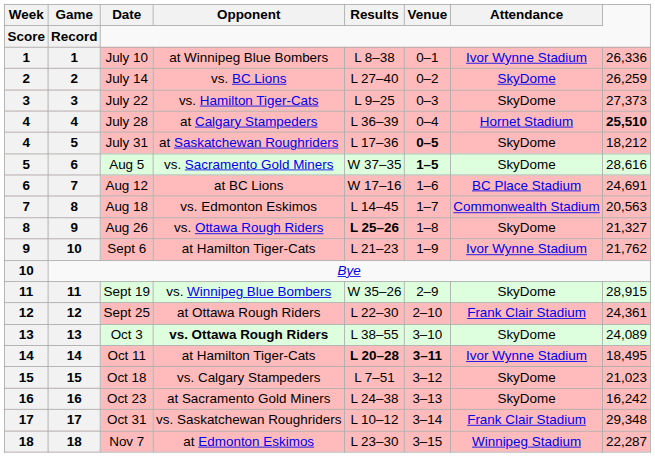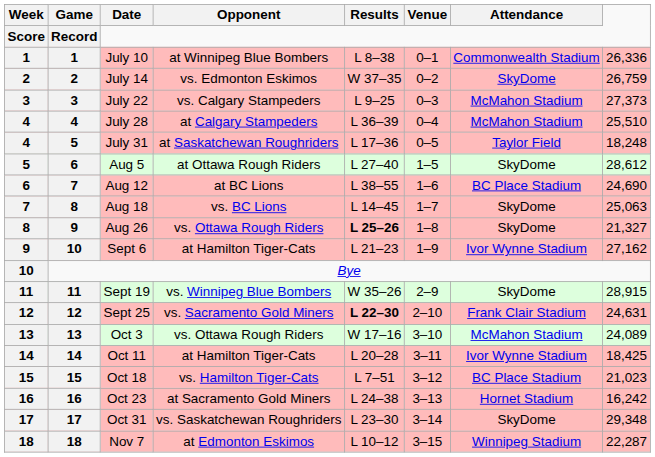 <table class="wikitable" style="text-align:center">
 <tr>
 <th>Week</th>
 <th>Game</th>
 <th>Date</th>
 <th>Opponent</th>
 <th>Results</th>
 <th>Venue</th>
 <th>Attendance</th>
 </tr>
 <tr>
 <th>Score</th>
 <th>Record</th>
 </tr>
 <tr style="background:#ffbbbb">
 <th>1</th>
 <th>1</th>
 <td>July 10</td>
 <td>at Winnipeg Blue Bombers</td>
 <td>L 8–38</td>
 <td>0–1</td>
-<td><a href='#'>Ivor Wynne Stadium</a></td>
+<td><a href='#'>Commonwealth Stadium</a></td>
 <td>26,336</td>
 </tr>
 <tr style="background:#ffbbbb">
 <th>2</th>
 <th>2</th>
 <td>July 14</td>
-<td>vs. <a href='#'>BC Lions</a></td>
-<td>L 27–40</td>
+<td>vs. Edmonton Eskimos</td>
+<td>W 37–35</td>
 <td>0–2</td>
 <td><a href='#'>SkyDome</a></td>
-<td>26,259</td>
+<td>26,759</td>
 </tr>
 <tr style="background:#ffbbbb">
 <th>3</th>
 <th>3</th>
 <td>July 22</td>
-<td>vs. <a href='#'>Hamilton Tiger-Cats</a></td>
+<td>vs. Calgary Stampeders</td>
 <td>L 9–25</td>
 <td>0–3</td>
-<td>SkyDome</td>
+<td><a href='#'>McMahon Stadium</a></td>
 <td>27,373</td>
 </tr>
 <tr style="background:#ffbbbb">
 <th>4</th>
 <th>4</th>
 <td>July 28</td>
 <td>at <a href='#'>Calgary Stampeders</a></td>
 <td>L 36–39</td>
 <td>0–4</td>
-<td><a href='#'>Hornet Stadium</a></td>
-<td><strong>25,510</strong></td>
+<td><a href='#'>McMahon Stadium</a></td>
+<td>25,510</td>
 </tr>
 <tr style="background:#ffbbbb">
 <th>4</th>
 <th>5</th>
 <td>July 31</td>
 <td>at <a href='#'>Saskatchewan Roughriders</a></td>
 <td>L 17–36</td>
-<td><strong>0–5</strong></td>
-<td>SkyDome</td>
-<td>18,212</td>
+<td>0–5</td>
+<td><a href='#'>Taylor Field</a></td>
+<td>18,248</td>
 </tr>
 <tr style="background:#ddffdd">
 <th>5</th>
 <th>6</th>
 <td>Aug 5</td>
-<td>vs. <a href='#'>Sacramento Gold Miners</a></td>
-<td>W 37–35</td>
-<td><strong>1–5</strong></td>
+<td>at Ottawa Rough Riders</td>
+<td>L 27–40</td>
+<td>1–5</td>
 <td>SkyDome</td>
-<td>28,616</td>
+<td>28,612</td>
 </tr>
 <tr style="background:#ffbbbb">
 <th>6</th>
 <th>7</th>
 <td>Aug 12</td>
 <td>at BC Lions</td>
-<td>W 17–16</td>
+<td>L 38–55</td>
 <td>1–6</td>
 <td><a href='#'>BC Place Stadium</a></td>
-<td>24,691</td>
+<td>24,690</td>
 </tr>
 <tr style="background:#ffbbbb">
 <th>7</th>
 <th>8</th>
 <td>Aug 18</td>
-<td>vs. Edmonton Eskimos</td>
+<td>vs. <a href='#'>BC Lions</a></td>
 <td>L 14–45</td>
 <td>1–7</td>
-<td><a href='#'>Commonwealth Stadium</a></td>
-<td>20,563</td>
+<td>SkyDome</td>
+<td>25,063</td>
 </tr>
 <tr style="background:#ffbbbb">
 <th>8</th>
 <th>9</th>
 <td>Aug 26</td>
 <td>vs. <a href='#'>Ottawa Rough Riders</a></td>
 <td><strong>L 25–26</strong></td>
 <td>1–8</td>
 <td>SkyDome</td>
 <td>21,327</td>
 </tr>
 <tr style="background:#ffbbbb">
 <th>9</th>
 <th>10</th>
 <td>Sept 6</td>
 <td>at Hamilton Tiger-Cats</td>
 <td>L 21–23</td>
 <td>1–9</td>
 <td><a href='#'>Ivor Wynne Stadium</a></td>
-<td>21,762</td>
+<td>27,162</td>
 </tr>
 <tr>
 <th>10</th>
 <td colspan=7 align="center"><em><a href='#'>Bye</a></em></td>
 </tr>
 <tr style="background:#ddffdd">
 <th>11</th>
 <th>11</th>
 <td>Sept 19</td>
 <td>vs. <a href='#'>Winnipeg Blue Bombers</a></td>
 <td>W 35–26</td>
 <td>2–9</td>
 <td>SkyDome</td>
 <td>28,915</td>
 </tr>
 <tr style="background:#ffbbbb">
 <th>12</th>
 <th>12</th>
 <td>Sept 25</td>
-<td>at Ottawa Rough Riders</td>
-<td>L 22–30</td>
+<td>vs. <a href='#'>Sacramento Gold Miners</a></td>
+<td><strong>L 22–30</strong></td>
 <td>2–10</td>
 <td><a href='#'>Frank Clair Stadium</a></td>
-<td>24,361</td>
+<td>24,631</td>
 </tr>
 <tr style="background:#ddffdd">
 <th>13</th>
 <th>13</th>
 <td>Oct 3</td>
-<td><strong>vs. Ottawa Rough Riders</strong></td>
-<td>L 38–55</td>
+<td>vs. Ottawa Rough Riders</td>
+<td>W 17–16</td>
 <td>3–10</td>
-<td>SkyDome</td>
+<td><a href='#'>McMahon Stadium</a></td>
 <td>24,089</td>
 </tr>
 <tr style="background:#ffbbbb">
 <th>14</th>
 <th>14</th>
 <td>Oct 11</td>
 <td>at Hamilton Tiger-Cats</td>
-<td><strong>L 20–28</strong></td>
-<td><strong>3–11</strong></td>
+<td>L 20–28</td>
+<td>3–11</td>
 <td><a href='#'>Ivor Wynne Stadium</a></td>
-<td>18,495</td>
+<td>18,425</td>
 </tr>
 <tr style="background:#ffbbbb">
 <th>15</th>
 <th>15</th>
 <td>Oct 18</td>
-<td>vs. Calgary Stampeders</td>
+<td>vs. <a href='#'>Hamilton Tiger-Cats</a></td>
 <td>L 7–51</td>
 <td>3–12</td>
-<td>SkyDome</td>
+<td><a href='#'>BC Place Stadium</a></td>
 <td>21,023</td>
 </tr>
 <tr style="background:#ffbbbb">
 <th>16</th>
 <th>16</th>
 <td>Oct 23</td>
 <td>at Sacramento Gold Miners</td>
 <td>L 24–38</td>
 <td>3–13</td>
-<td>SkyDome</td>
+<td><a href='#'>Hornet Stadium</a></td>
 <td>16,242</td>
 </tr>
 <tr style="background:#ffbbbb">
 <th>17</th>
 <th>17</th>
 <td>Oct 31</td>
 <td>vs. Saskatchewan Roughriders</td>
-<td>L 10–12</td>
+<td>L 23–30</td>
 <td>3–14</td>
-<td><a href='#'>Frank Clair Stadium</a></td>
+<td>SkyDome</td>
 <td>29,348</td>
 </tr>
 <tr style="background:#ffbbbb">
 <th>18</th>
 <th>18</th>
 <td>Nov 7</td>
 <td>at <a href='#'>Edmonton Eskimos</a></td>
-<td>L 23–30</td>
+<td>L 10–12</td>
 <td>3–15</td>
 <td><a href='#'>Winnipeg Stadium</a></td>
 <td>22,287</td>
 </tr>
 </table>
